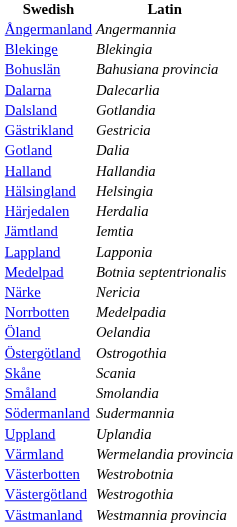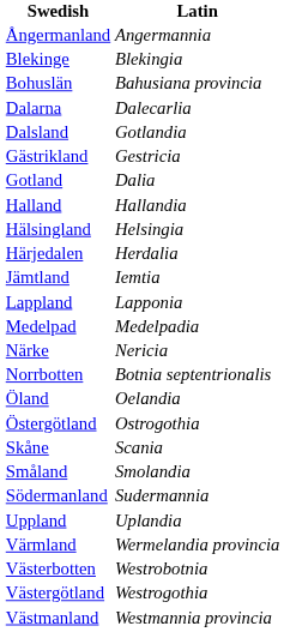 <table>
 <tr>
 <th>Swedish</th>
 <th>Latin</th>
 <th rowspan="33"></th>
 </tr>
 <tr>
 <td><a href='#'>Ångermanland</a></td>
 <td><em>Angermannia</em></td>
 </tr>
 <tr>
 <td><a href='#'>Blekinge</a></td>
 <td><em>Blekingia</em></td>
 </tr>
 <tr>
 <td><a href='#'>Bohuslän</a></td>
 <td><em>Bahusiana provincia</em></td>
 </tr>
 <tr>
 <td><a href='#'>Dalarna</a></td>
 <td><em>Dalecarlia</em></td>
 </tr>
 <tr>
 <td><a href='#'>Dalsland</a></td>
 <td><em>Gotlandia</em></td>
 </tr>
 <tr>
 <td><a href='#'>Gästrikland</a></td>
 <td><em>Gestricia</em></td>
 </tr>
 <tr>
 <td><a href='#'>Gotland</a></td>
 <td><em>Dalia</em></td>
 </tr>
 <tr>
 <td><a href='#'>Halland</a></td>
 <td><em>Hallandia</em></td>
 </tr>
 <tr>
 <td><a href='#'>Hälsingland</a></td>
 <td><em>Helsingia</em></td>
 </tr>
 <tr>
 <td><a href='#'>Härjedalen</a></td>
 <td><em>Herdalia</em></td>
 </tr>
 <tr>
 <td><a href='#'>Jämtland</a></td>
 <td><em>Iemtia</em></td>
 </tr>
 <tr>
 <td><a href='#'>Lappland</a></td>
 <td><em>Lapponia</em></td>
 </tr>
 <tr>
 <td><a href='#'>Medelpad</a></td>
-<td><em>Botnia septentrionalis</em></td>
+<td><em>Medelpadia</em></td>
 </tr>
 <tr>
 <td><a href='#'>Närke</a></td>
 <td><em>Nericia</em></td>
 </tr>
 <tr>
 <td><a href='#'>Norrbotten</a></td>
-<td><em>Medelpadia</em></td>
+<td><em>Botnia septentrionalis</em></td>
 </tr>
 <tr>
 <td><a href='#'>Öland</a></td>
 <td><em>Oelandia</em></td>
 </tr>
 <tr>
 <td><a href='#'>Östergötland</a></td>
 <td><em>Ostrogothia</em></td>
 </tr>
 <tr>
 <td><a href='#'>Skåne</a></td>
 <td><em>Scania</em></td>
 </tr>
 <tr>
 <td><a href='#'>Småland</a></td>
 <td><em>Smolandia</em></td>
 </tr>
 <tr>
 <td><a href='#'>Södermanland</a></td>
 <td><em>Sudermannia</em></td>
 </tr>
 <tr>
 <td><a href='#'>Uppland</a></td>
 <td><em>Uplandia</em></td>
 </tr>
 <tr>
 <td><a href='#'>Värmland</a></td>
 <td><em>Wermelandia provincia</em></td>
 </tr>
 <tr>
 <td><a href='#'>Västerbotten</a></td>
 <td><em>Westrobotnia</em></td>
 </tr>
 <tr>
 <td><a href='#'>Västergötland</a></td>
 <td><em>Westrogothia</em></td>
 </tr>
 <tr>
 <td><a href='#'>Västmanland</a></td>
 <td><em>Westmannia provincia</em></td>
 </tr>
 </table>
